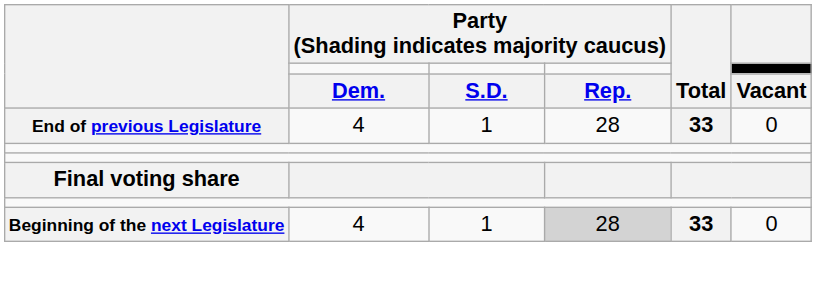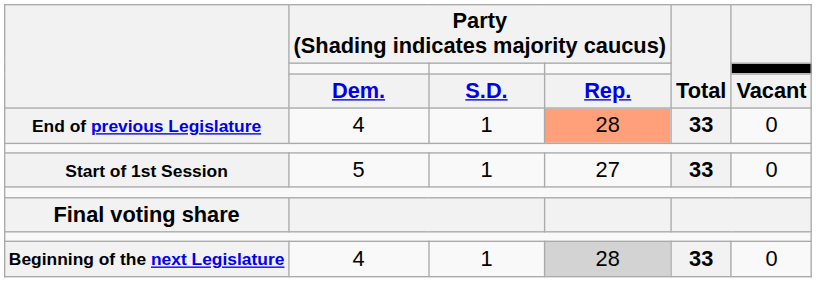 <table class=wikitable style="text-align:center">
 <tr style="vertical-align:bottom;">
 <th rowspan=3></th>
 <th colspan=3>Party <div>(Shading indicates majority caucus)</div></th>
 <th rowspan=3>Total</th>
 <th></th>
 </tr>
 <tr style="height:5px">
 <td style="background-color:"></td>
 <td style="background-color:"></td>
 <td style="background-color:"></td>
 <td style="background:black;"></td>
 </tr>
 <tr>
 <th><a href='#'>Dem.</a></th>
 <th><a href='#'>S.D.</a></th>
 <th><a href='#'>Rep.</a></th>
 <th>Vacant</th>
 </tr>
 <tr>
 <th style="font-size:80%;">End of <a href='#'>previous Legislature</a></th>
 <td>4</td>
 <td>1</td>
-<td>28</td>
+<td style="background: lightsalmon;">28</td>
 <th>33</th>
 <td>0</td>
 </tr>
 <tr>
 <td colspan=6></td>
+</tr>
+<tr>
+<th style="font-size:80%;">Start of 1st Session</th>
+<td>5</td>
+<td>1</td>
+<td>27</td>
+<th>33</th>
+<td>0</td>
 </tr>
 <tr>
 <td colspan=6></td>
 </tr>
 <tr>
 <th>Final voting share</th>
 <th colspan=2></th>
 <th></th>
 <th colspan=2></th>
 </tr>
 <tr>
 <td colspan=6></td>
 </tr>
 <tr>
 <th style="font-size:80%;">Beginning of the <a href='#'>next Legislature</a></th>
 <td>4</td>
 <td>1</td>
 <td style="background: lightgrey;">28</td>
 <th>33</th>
 <td>0</td>
 </tr>
 </table>
